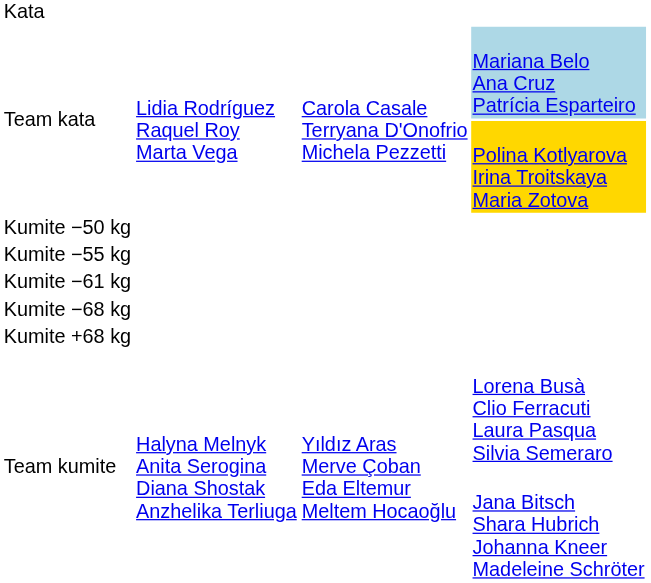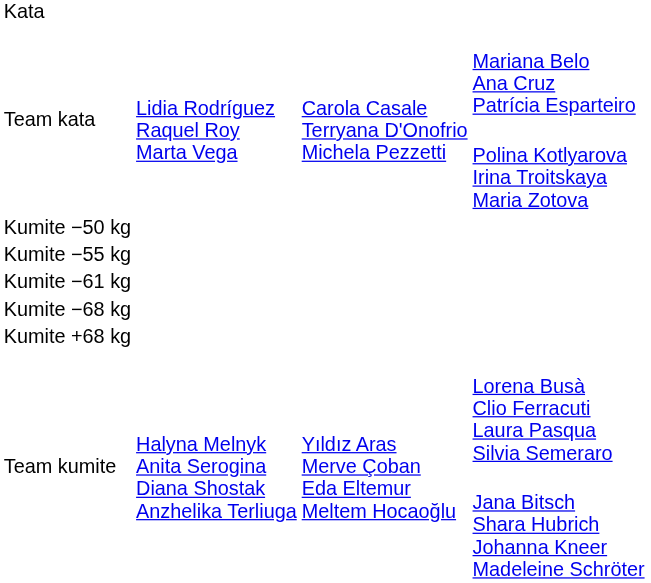 <table>
 <tr>
 <td rowspan=2>Kata</td>
 <td rowspan=2></td>
 <td rowspan=2></td>
 <td></td>
 </tr>
 <tr>
 <td></td>
 </tr>
 <tr>
 <td rowspan=2>Team kata</td>
 <td rowspan=2><br><a href='#'>Lidia Rodríguez</a><br><a href='#'>Raquel Roy</a><br><a href='#'>Marta Vega</a></td>
 <td rowspan=2><br><a href='#'>Carola Casale</a><br><a href='#'>Terryana D'Onofrio</a><br><a href='#'>Michela Pezzetti</a></td>
-<td style="background: lightblue;"><br><a href='#'>Mariana Belo</a><br><a href='#'>Ana Cruz</a><br><a href='#'>Patrícia Esparteiro</a></td>
+<td><br><a href='#'>Mariana Belo</a><br><a href='#'>Ana Cruz</a><br><a href='#'>Patrícia Esparteiro</a></td>
 </tr>
 <tr>
-<td style="background: gold;"><br><a href='#'>Polina Kotlyarova</a><br><a href='#'>Irina Troitskaya</a><br><a href='#'>Maria Zotova</a></td>
+<td><br><a href='#'>Polina Kotlyarova</a><br><a href='#'>Irina Troitskaya</a><br><a href='#'>Maria Zotova</a></td>
 </tr>
 <tr>
 <td rowspan=2>Kumite −50 kg</td>
 <td rowspan=2></td>
 <td rowspan=2></td>
 <td></td>
 </tr>
 <tr>
 <td></td>
 </tr>
 <tr>
 <td rowspan=2>Kumite −55 kg</td>
 <td rowspan=2></td>
 <td rowspan=2></td>
 <td></td>
 </tr>
 <tr>
 <td></td>
 </tr>
 <tr>
 <td rowspan=2>Kumite −61 kg</td>
 <td rowspan=2></td>
 <td rowspan=2></td>
 <td></td>
 </tr>
 <tr>
 <td></td>
 </tr>
 <tr>
 <td rowspan=2>Kumite −68 kg</td>
 <td rowspan=2></td>
 <td rowspan=2></td>
 <td></td>
 </tr>
 <tr>
 <td></td>
 </tr>
 <tr>
 <td rowspan=2>Kumite +68 kg</td>
 <td rowspan=2></td>
 <td rowspan=2></td>
 <td></td>
 </tr>
 <tr>
 <td></td>
 </tr>
 <tr>
 <td rowspan=2>Team kumite</td>
 <td rowspan=2><br><a href='#'>Halyna Melnyk</a><br><a href='#'>Anita Serogina</a><br><a href='#'>Diana Shostak</a><br><a href='#'>Anzhelika Terliuga</a></td>
 <td rowspan=2><br><a href='#'>Yıldız Aras</a><br><a href='#'>Merve Çoban</a><br><a href='#'>Eda Eltemur</a><br><a href='#'>Meltem Hocaoğlu</a></td>
 <td><br><a href='#'>Lorena Busà</a><br><a href='#'>Clio Ferracuti</a><br><a href='#'>Laura Pasqua</a><br><a href='#'>Silvia Semeraro</a></td>
 </tr>
 <tr>
 <td><br><a href='#'>Jana Bitsch</a><br><a href='#'>Shara Hubrich</a><br><a href='#'>Johanna Kneer</a><br><a href='#'>Madeleine Schröter</a></td>
 </tr>
 </table>
